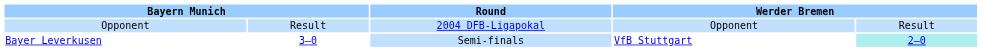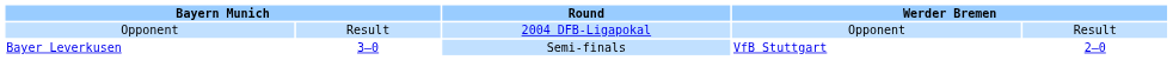 <table style="width:80%; text-align:center;">
 <tr style="vertical-align:top; background:#99CCFF;">
 <th colspan="2">Bayern Munich</th>
 <th style="width:20%">Round</th>
 <th colspan="2">Werder Bremen</th>
 </tr>
 <tr style="vertical-align:top; background:#C1E0FF;">
 <td style="width:20%">Opponent</td>
 <td style="width:10%">Result</td>
 <td><a href='#'>2004 DFB-Ligapokal</a></td>
 <td style="width:20%">Opponent</td>
 <td style="width:10%">Result</td>
 </tr>
 <tr>
 <td align="left"><a href='#'>Bayer Leverkusen</a></td>
 <td><a href='#'>3–0</a></td>
 <td style="background:#C1E0FF;">Semi-finals</td>
 <td align="left"><a href='#'>VfB Stuttgart</a></td>
-<td style="background: paleturquoise;"><a href='#'>2–0</a></td>
+<td><a href='#'>2–0</a></td>
 </tr>
 </table>
